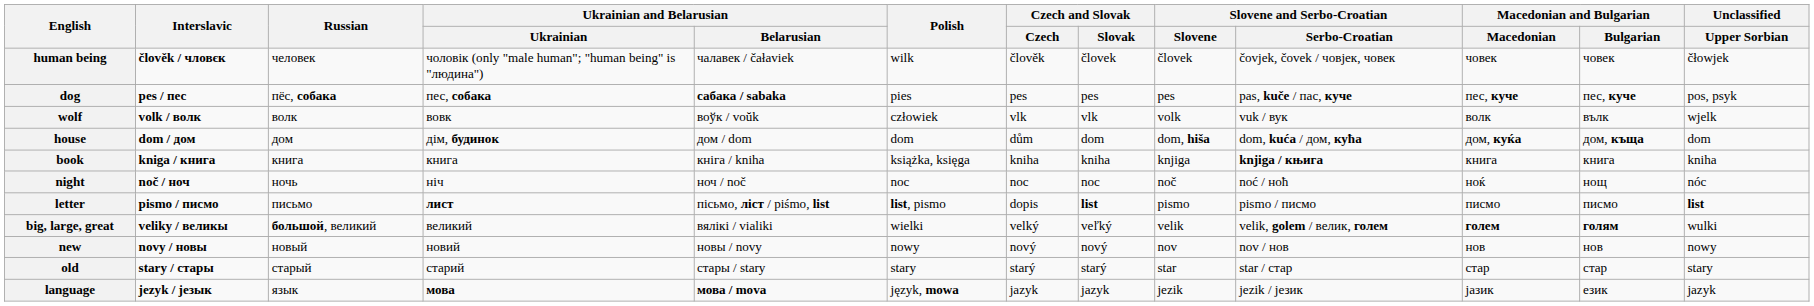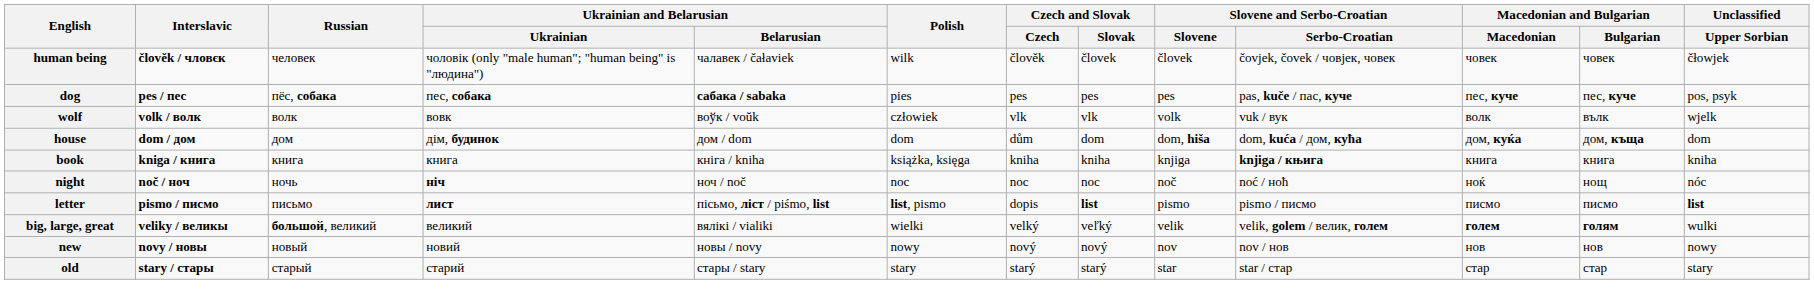 <table class=wikitable style="font-size:90%; width:100%">
 <tr>
 <th rowspan=2>English</th>
 <th rowspan=2>Inter­slavic</th>
 <th rowspan=2>Russian</th>
 <th colspan=2>Ukrainian and Belarusian</th>
 <th rowspan=2>Polish</th>
 <th colspan=2>Czech and Slovak</th>
 <th colspan=2>Slovene and Serbo-Croatian</th>
 <th colspan=2>Macedonian and Bulgarian</th>
 <th>Unclassified</th>
 </tr>
 <tr>
 <th>Ukrai­nian</th>
 <th>Bela­rusian</th>
 <th>Czech</th>
 <th>Slovak</th>
 <th>Slo­vene</th>
 <th>Serbo-Croatian</th>
 <th>Mace­donian</th>
 <th>Bul­garian</th>
 <th>Upper Sorbian</th>
 </tr>
 <tr valign=top>
 <th>human being</th>
 <td><strong>člověk / чловєк</strong></td>
 <td>человек</td>
 <td style=width:15%>чоловік (only "male human"; "human being" is "людина")</td>
 <td>чалавек / čałaviek</td>
 <td>wilk</td>
 <td>člověk</td>
 <td>človek</td>
 <td>človek</td>
 <td>čovjek, čovek / човјек, човек</td>
 <td>човек</td>
 <td>човек</td>
 <td>čłowjek</td>
 </tr>
 <tr valign=top>
 <th>dog</th>
 <td><strong>pes / пес</strong></td>
 <td>пёс, <strong>собака</strong></td>
 <td>пес, <strong>собака</strong></td>
 <td><strong>сабака / sabaka</strong></td>
 <td>pies</td>
 <td>pes</td>
 <td>pes</td>
 <td>pes</td>
 <td>pas, <strong>kuče</strong> / пас, <strong>куче</strong></td>
 <td>пес, <strong>куче</strong></td>
 <td>пес, <strong>куче</strong></td>
 <td>pos, psyk</td>
 </tr>
 <tr valign=top>
 <th>wolf</th>
 <td><strong>volk / волк</strong></td>
 <td>волк</td>
 <td>вовк</td>
 <td>воўк / voŭk</td>
 <td>człowiek</td>
 <td>vlk</td>
 <td>vlk</td>
 <td>volk</td>
 <td>vuk / вук</td>
 <td>волк</td>
 <td>вълк</td>
 <td>wjelk</td>
 </tr>
 <tr valign=top>
 <th>house</th>
 <td><strong>dom / дом</strong></td>
 <td>дом</td>
 <td>дім, <strong>будинок</strong></td>
 <td>дом / dom</td>
 <td>dom</td>
 <td>dům</td>
 <td>dom</td>
 <td>dom, <strong>hiša</strong></td>
 <td>dom, <strong>kuća</strong> / дом, <strong>кућа</strong></td>
 <td>дом, <strong>куќа</strong></td>
 <td>дом, <strong>къща</strong></td>
 <td>dom</td>
 </tr>
 <tr valign=top>
 <th>book</th>
 <td><strong>kniga / книга</strong></td>
 <td>книга</td>
 <td>книга</td>
 <td>кніга / kniha</td>
 <td>książka, księga</td>
 <td>kniha</td>
 <td>kniha</td>
 <td>knjiga</td>
 <td><strong>knjiga / књига</strong></td>
 <td>книга</td>
 <td>книга</td>
 <td>kniha</td>
 </tr>
 <tr valign=top>
 <th>night</th>
 <td><strong>noč / ноч</strong></td>
 <td>ночь</td>
-<td>ніч</td>
+<td><strong>ніч</strong></td>
 <td>ноч / noč</td>
 <td>noc</td>
 <td>noc</td>
 <td>noc</td>
 <td>noč</td>
 <td>noć / ноћ</td>
 <td>ноќ</td>
 <td>нощ</td>
 <td>nóc</td>
 </tr>
 <tr valign=top>
 <th>letter</th>
 <td><strong>pismo / писмо</strong></td>
 <td>письмо</td>
 <td><strong>лист</strong></td>
 <td>пісьмо, <strong>ліст</strong> / piśmo, <strong>list</strong></td>
 <td><strong>list</strong>, pismo</td>
 <td>dopis</td>
 <td><strong>list</strong></td>
 <td>pismo</td>
 <td>pismo / писмо</td>
 <td>писмо</td>
 <td>писмо</td>
 <td><strong>list</strong></td>
 </tr>
 <tr valign=top>
 <th>big, large, great</th>
 <td><strong>veliky / великы</strong></td>
 <td><strong>большой</strong>, великий</td>
 <td>великий</td>
 <td>вялікі / vialiki</td>
 <td>wielki</td>
 <td>velký</td>
 <td>veľký</td>
 <td>velik</td>
 <td>velik, <strong>golem</strong> / велик, <strong>голем</strong></td>
 <td><strong>голем</strong></td>
 <td><strong>голям</strong></td>
 <td>wulki</td>
 </tr>
 <tr valign=top>
 <th>new</th>
 <td><strong>novy / новы</strong></td>
 <td>новый</td>
 <td>новий</td>
 <td>новы / novy</td>
 <td>nowy</td>
 <td>nový</td>
 <td>nový</td>
 <td>nov</td>
 <td>nov / нов</td>
 <td>нов</td>
 <td>нов</td>
 <td>nowy</td>
 </tr>
 <tr valign=top>
 <th>old</th>
 <td><strong>stary / стары</strong></td>
 <td>старый</td>
 <td>старий</td>
 <td>стары / stary</td>
 <td>stary</td>
 <td>starý</td>
 <td>starý</td>
 <td>star</td>
 <td>star / стар</td>
 <td>стар</td>
 <td>стар</td>
 <td>stary</td>
 </tr>
-<tr valign=top>
-<th>language</th>
-<td><strong>jezyk / језык</strong></td>
-<td>язык</td>
-<td><strong>мова</strong></td>
-<td><strong>мова / mova</strong></td>
-<td>język, <strong>mowa</strong></td>
-<td>jazyk</td>
-<td>jazyk</td>
-<td>jezik</td>
-<td>jezik / језик</td>
-<td>јазик</td>
-<td>език</td>
-<td>jazyk</td>
-</tr>
 </table>
